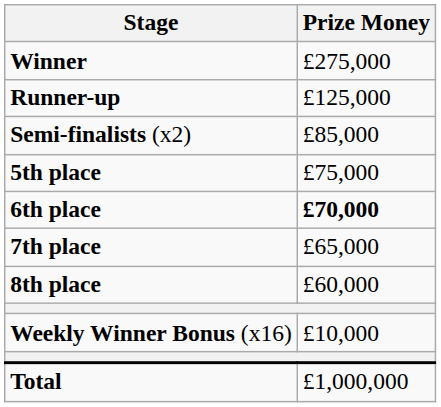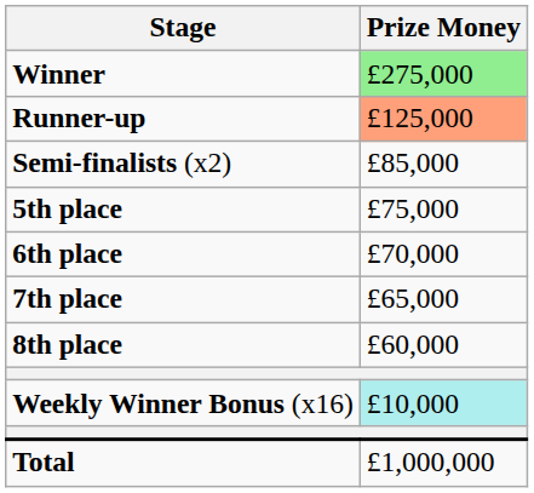 <table class="wikitable">
 <tr>
 <th>Stage</th>
 <th>Prize Money</th>
 </tr>
 <tr>
 <td><strong>Winner</strong></td>
-<td>£275,000</td>
+<td style="background: lightgreen;">£275,000</td>
 </tr>
 <tr>
 <td><strong>Runner-up</strong></td>
-<td>£125,000</td>
+<td style="background: lightsalmon;">£125,000</td>
 </tr>
 <tr>
 <td><strong>Semi-finalists</strong> (x2)</td>
 <td>£85,000</td>
 </tr>
 <tr>
 <td><strong>5th place</strong></td>
 <td>£75,000</td>
 </tr>
 <tr>
 <td><strong>6th place</strong></td>
-<td><strong>£70,000</strong></td>
+<td>£70,000</td>
 </tr>
 <tr>
 <td><strong>7th place</strong></td>
 <td>£65,000</td>
 </tr>
 <tr>
 <td><strong>8th place</strong></td>
 <td>£60,000</td>
 </tr>
 <tr>
 <th colspan=3></th>
 </tr>
 <tr>
 <td><strong>Weekly Winner Bonus</strong> (x16)</td>
-<td>£10,000</td>
+<td style="background: paleturquoise;">£10,000</td>
 </tr>
 <tr>
 <th colspan=3></th>
 </tr>
 <tr style="border-top:2px solid black;">
 <td><strong>Total</strong></td>
 <td>£1,000,000</td>
 </tr>
 </table>
